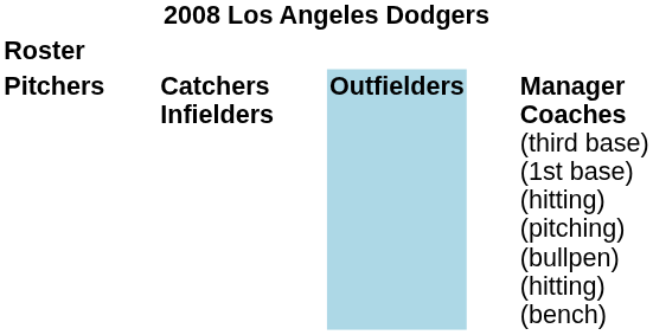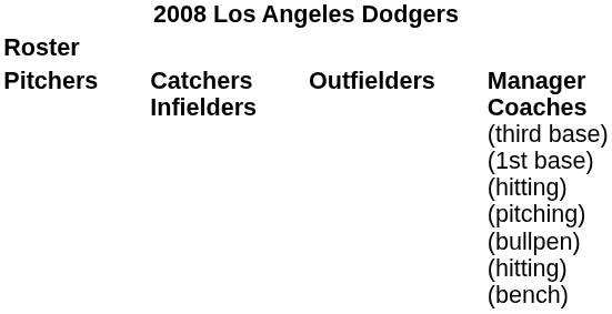 <table class="toccolours" style="font-size: 95%;">
 <tr>
 <th colspan="10">2008 Los Angeles Dodgers</th>
 </tr>
 <tr>
 <td colspan="10"><strong>Roster</strong></td>
 </tr>
 <tr>
 <td valign="top"><strong>Pitchers</strong><br>                     </td>
 <td width="25px"></td>
 <td valign="top"><strong>Catchers</strong><br>    <strong>Infielders</strong>            </td>
 <td width="25px"></td>
-<td valign="top" style="background: lightblue;"><strong>Outfielders</strong><br>       </td>
+<td valign="top"><strong>Outfielders</strong><br>       </td>
 <td width="25px"></td>
 <td valign="top"><strong>Manager</strong><br> <strong>Coaches</strong>  <br> (third base)  <br>(1st base)  <br>(hitting) <br> (pitching)  <br>(bullpen)  <br>(hitting)   <br>(bench)</td>
 </tr>
 </table>
